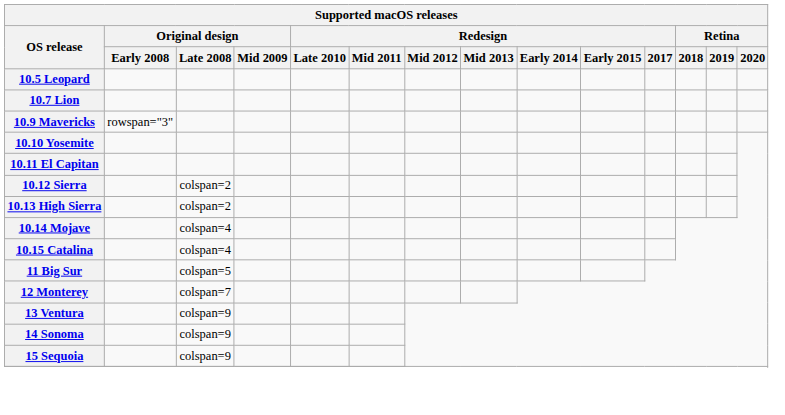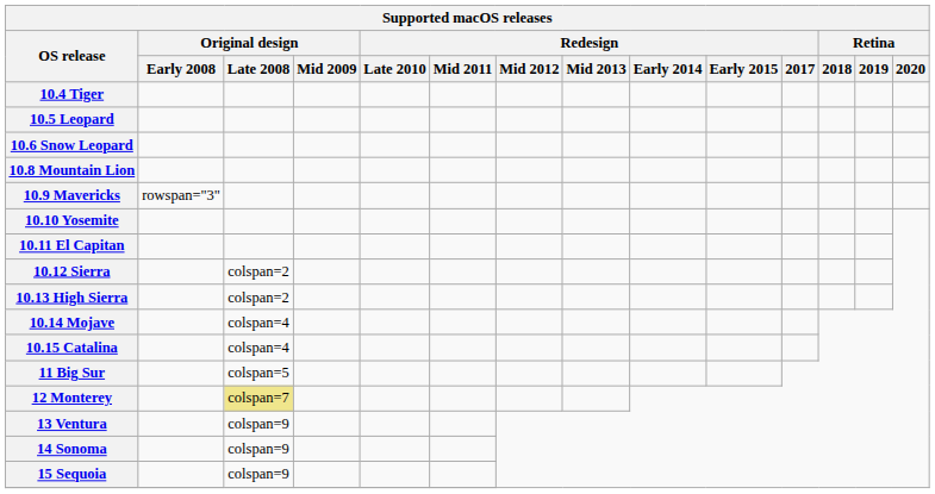 <table class="wikitable mw-collapsible mw-collapsed" style="font-size:small; text-align:center">
 <tr>
 <th colspan=14 style="text-align:center">Supported macOS releases</th>
 </tr>
 <tr>
 <th rowspan=2>OS release</th>
 <th colspan=3>Original design</th>
 <th colspan=7>Redesign</th>
 <th colspan=3>Retina</th>
 </tr>
 <tr>
 <th>Early 2008</th>
 <th>Late 2008</th>
 <th>Mid 2009</th>
 <th>Late 2010</th>
 <th>Mid 2011</th>
 <th>Mid 2012</th>
 <th>Mid 2013</th>
 <th>Early 2014</th>
 <th>Early 2015</th>
 <th>2017</th>
 <th>2018</th>
 <th>2019</th>
 <th>2020</th>
 </tr>
 <tr>
+<th><a href='#'>10.4 Tiger</a></th>
+<td></td>
+<td></td>
+<td></td>
+<td></td>
+<td></td>
+<td></td>
+<td></td>
+<td></td>
+<td></td>
+<td></td>
+<td></td>
+<td></td>
+<td></td>
+</tr>
+<tr>
 <th><a href='#'>10.5 Leopard</a></th>
 <td></td>
 <td></td>
 <td></td>
 <td></td>
 <td></td>
 <td></td>
 <td></td>
 <td></td>
 <td></td>
 <td></td>
 <td></td>
 <td></td>
 <td></td>
 </tr>
 <tr>
-<th><a href='#'>10.7 Lion</a></th>
+<th><a href='#'>10.6 Snow Leopard</a></th>
+<td></td>
+<td></td>
+<td></td>
+<td></td>
+<td></td>
+<td></td>
+<td></td>
+<td></td>
+<td></td>
+<td></td>
+<td></td>
+<td></td>
+<td></td>
+</tr>
+<tr>
+<th><a href='#'>10.8 Mountain Lion</a></th>
 <td></td>
 <td></td>
 <td></td>
 <td></td>
 <td></td>
 <td></td>
 <td></td>
 <td></td>
 <td></td>
 <td></td>
 <td></td>
 <td></td>
 <td></td>
 </tr>
 <tr>
 <th><a href='#'>10.9 Mavericks</a></th>
 <td>rowspan="3"</td>
 <td></td>
 <td></td>
 <td></td>
 <td></td>
 <td></td>
 <td></td>
 <td></td>
 <td></td>
 <td></td>
 <td></td>
 <td></td>
 <td></td>
 </tr>
 <tr>
 <th><a href='#'>10.10 Yosemite</a></th>
 <td></td>
 <td></td>
 <td></td>
 <td></td>
 <td></td>
 <td></td>
 <td></td>
 <td></td>
 <td></td>
 <td></td>
 <td></td>
 <td></td>
 </tr>
 <tr>
 <th><a href='#'>10.11 El Capitan</a></th>
 <td></td>
 <td></td>
 <td></td>
 <td></td>
 <td></td>
 <td></td>
 <td></td>
 <td></td>
 <td></td>
 <td></td>
 <td></td>
 <td></td>
 </tr>
 <tr>
 <th><a href='#'>10.12 Sierra</a></th>
 <td></td>
 <td>colspan=2 </td>
 <td></td>
 <td></td>
 <td></td>
 <td></td>
 <td></td>
 <td></td>
 <td></td>
 <td></td>
 <td></td>
 <td></td>
 </tr>
 <tr>
 <th><a href='#'>10.13 High Sierra</a></th>
 <td></td>
 <td>colspan=2 </td>
 <td></td>
 <td></td>
 <td></td>
 <td></td>
 <td></td>
 <td></td>
 <td></td>
 <td></td>
 <td></td>
 <td></td>
 </tr>
 <tr>
 <th><a href='#'>10.14 Mojave</a></th>
 <td></td>
 <td>colspan=4 </td>
 <td></td>
 <td></td>
 <td></td>
 <td></td>
 <td></td>
 <td></td>
 <td></td>
 <td></td>
 </tr>
 <tr>
 <th><a href='#'>10.15 Catalina</a></th>
 <td></td>
 <td>colspan=4 </td>
 <td></td>
 <td></td>
 <td></td>
 <td></td>
 <td></td>
 <td></td>
 <td></td>
 <td></td>
 </tr>
 <tr>
 <th><a href='#'>11 Big Sur</a></th>
 <td></td>
 <td>colspan=5 </td>
 <td></td>
 <td></td>
 <td></td>
 <td></td>
 <td></td>
 <td></td>
 <td></td>
 </tr>
 <tr>
 <th><a href='#'>12 Monterey</a></th>
 <td></td>
-<td>colspan=7 </td>
+<td style="background: khaki;">colspan=7 </td>
 <td></td>
 <td></td>
 <td></td>
 <td></td>
 <td></td>
 </tr>
 <tr>
 <th><a href='#'>13 Ventura</a></th>
 <td></td>
 <td>colspan=9 </td>
 <td></td>
 <td></td>
 <td></td>
 </tr>
 <tr>
 <th><a href='#'>14 Sonoma</a></th>
 <td></td>
 <td>colspan=9 </td>
 <td></td>
 <td></td>
 <td></td>
 </tr>
 <tr>
 <th><a href='#'>15 Sequoia</a></th>
 <td></td>
 <td>colspan=9 </td>
 <td></td>
 <td></td>
 <td></td>
 </tr>
 <tr>
 </tr>
 </table>
